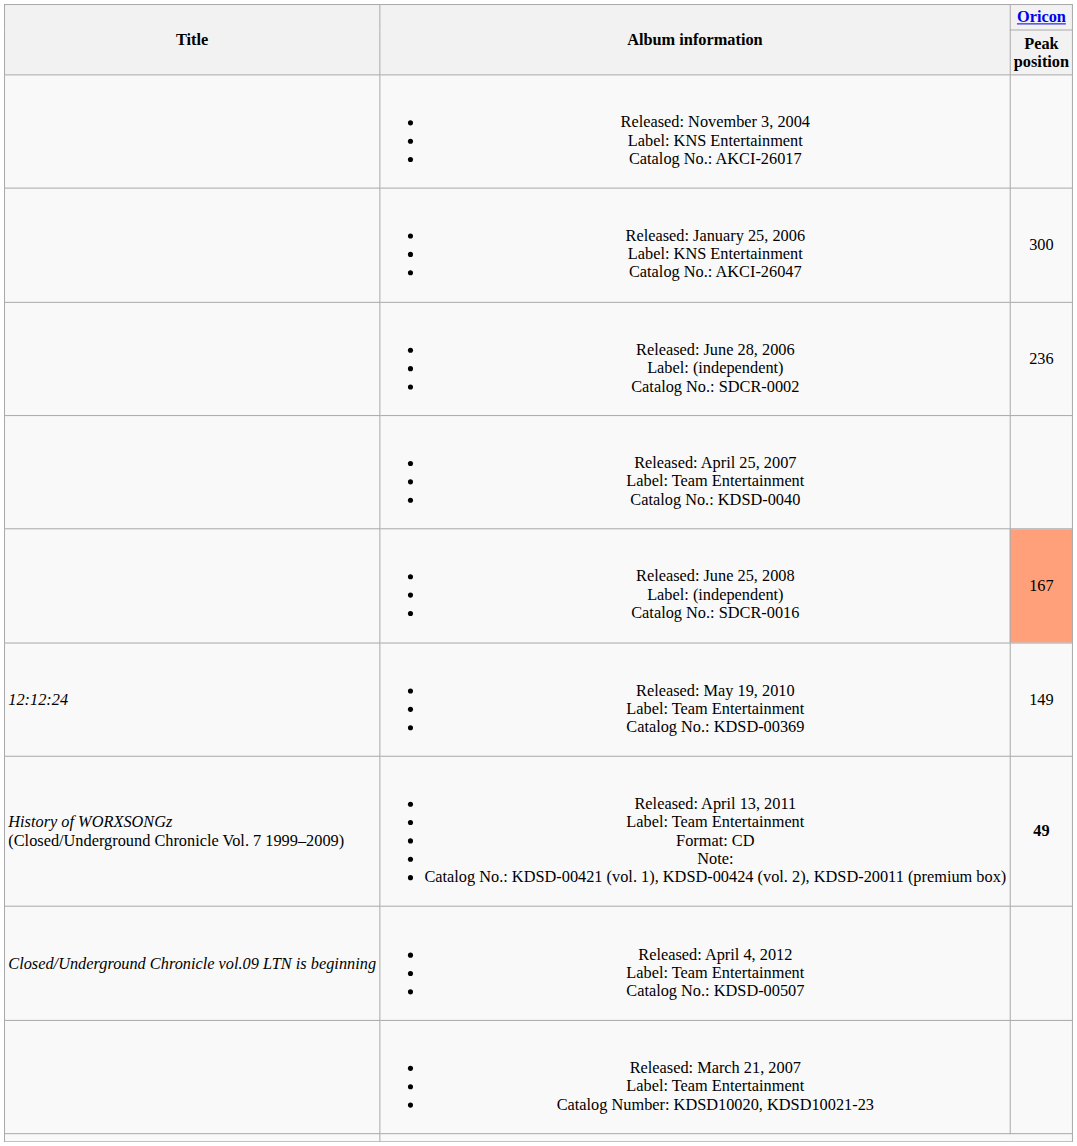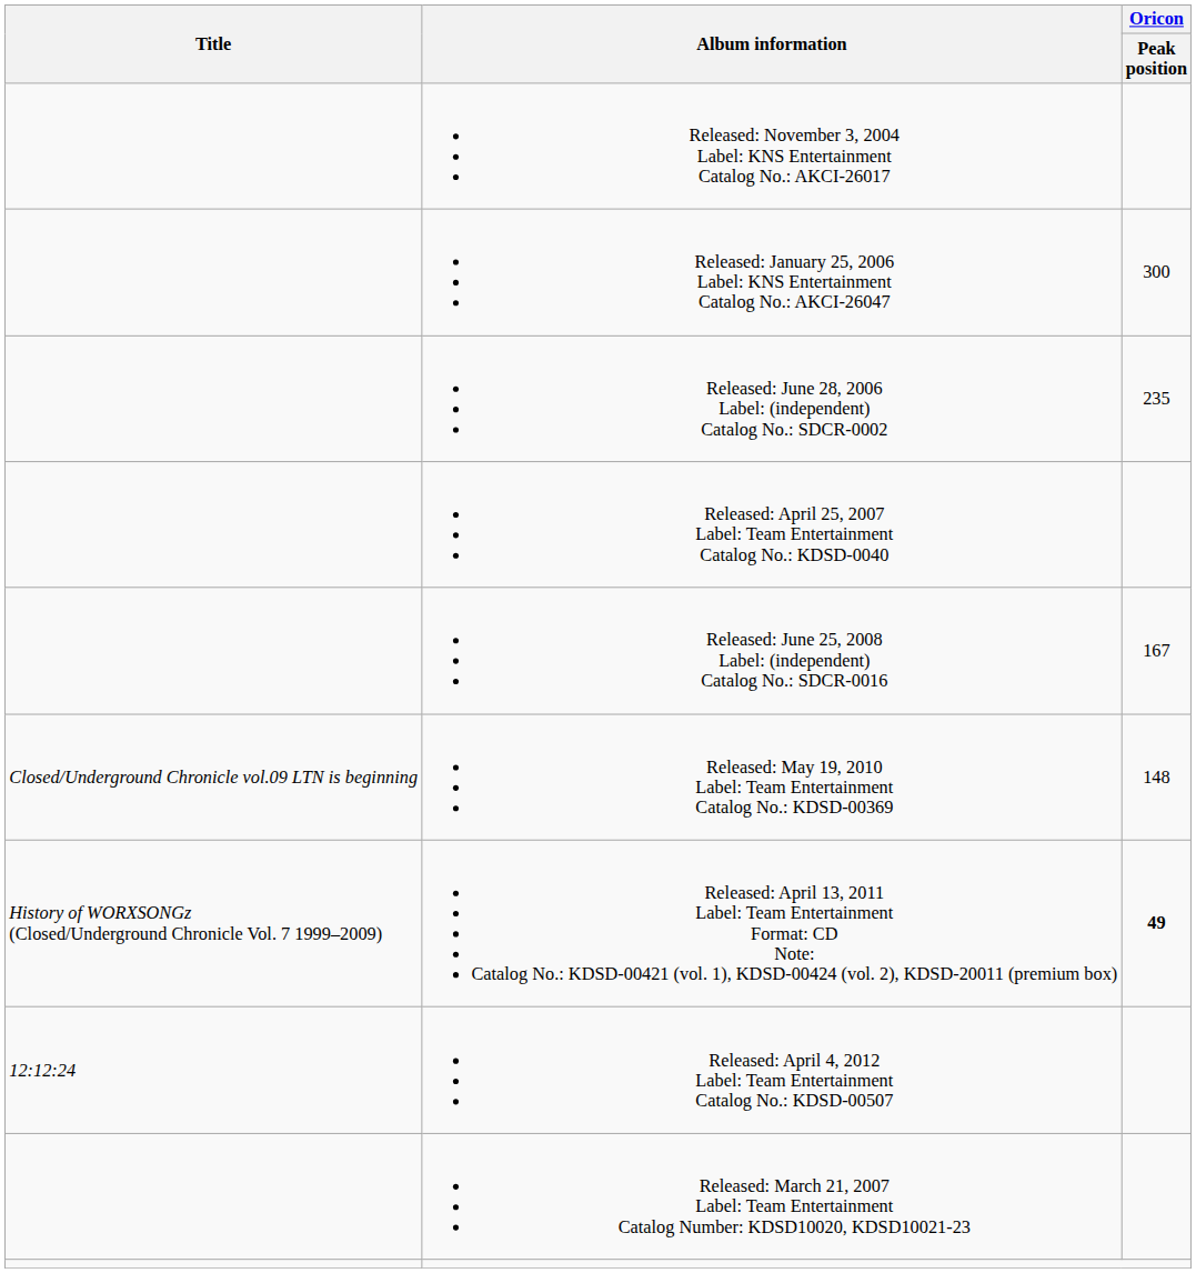 <table class="wikitable plainrowheaders" style="text-align:center">
 <tr>
 <th rowspan=2; style=>Title</th>
 <th rowspan=2;>Album information</th>
 <th colspan=1; style=><a href='#'>Oricon</a></th>
 </tr>
 <tr>
 <th style=>Peak<br>position</th>
 </tr>
 <tr>
 <td align=left></td>
 <td><br><ul><li>Released: November 3, 2004</li><li>Label: KNS Entertainment</li><li>Catalog No.: AKCI-26017</li></ul></td>
 <td> <br></td>
 </tr>
 <tr>
 <td align=left></td>
 <td><br><ul><li>Released: January 25, 2006</li><li>Label: KNS Entertainment</li><li>Catalog No.: AKCI-26047</li></ul></td>
 <td>300<br></td>
 </tr>
 <tr>
 <td align=left></td>
 <td><br><ul><li>Released: June 28, 2006</li><li>Label: (independent)</li><li>Catalog No.: SDCR-0002</li></ul></td>
-<td>236<br></td>
+<td>235<br></td>
 </tr>
 <tr>
 <td align=left></td>
 <td><br><ul><li>Released: April 25, 2007</li><li>Label: Team Entertainment</li><li>Catalog No.: KDSD-0040</li></ul></td>
 <td><br></td>
 </tr>
 <tr>
 <td align=left></td>
 <td><br><ul><li>Released: June 25, 2008</li><li>Label: (independent)</li><li>Catalog No.: SDCR-0016</li></ul></td>
-<td style="background: lightsalmon;">167</td>
+<td>167</td>
 </tr>
 <tr>
-<td align=left><em>12:12:24</em></td>
+<td align=left><em>Closed/Underground Chronicle vol.09 LTN is beginning</em></td>
 <td><br><ul><li>Released: May 19, 2010</li><li>Label: Team Entertainment</li><li>Catalog No.: KDSD-00369</li></ul></td>
-<td>149</td>
+<td>148</td>
 </tr>
 <tr>
 <td align=left><em>History of WORXSONGz</em><br>(Closed/Underground Chronicle Vol. 7 1999–2009)</td>
 <td><br><ul><li>Released: April 13, 2011</li><li>Label: Team Entertainment</li><li>Format: CD</li><li>Note:</li><li>Catalog No.: KDSD-00421 (vol. 1), KDSD-00424 (vol. 2), KDSD-20011 (premium box)</li></ul></td>
 <td><strong>49</strong></td>
 </tr>
 <tr>
-<td align=left><em>Closed/Underground Chronicle vol.09 LTN is beginning</em></td>
+<td align=left><em>12:12:24</em></td>
 <td><br><ul><li>Released: April 4, 2012</li><li>Label: Team Entertainment</li><li>Catalog No.: KDSD-00507</li></ul></td>
 <td></td>
 </tr>
 <tr>
 <td align=left></td>
 <td><br><ul><li>Released: March 21, 2007</li><li>Label: Team Entertainment</li><li>Catalog Number: KDSD10020, KDSD10021-23</li></ul></td>
 <td></td>
 </tr>
 <tr>
 <td></td>
 </tr>
 </table>
